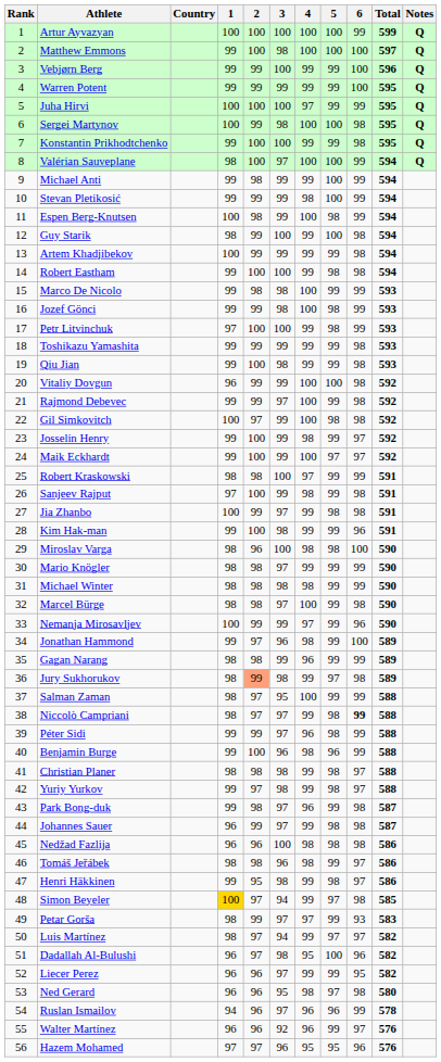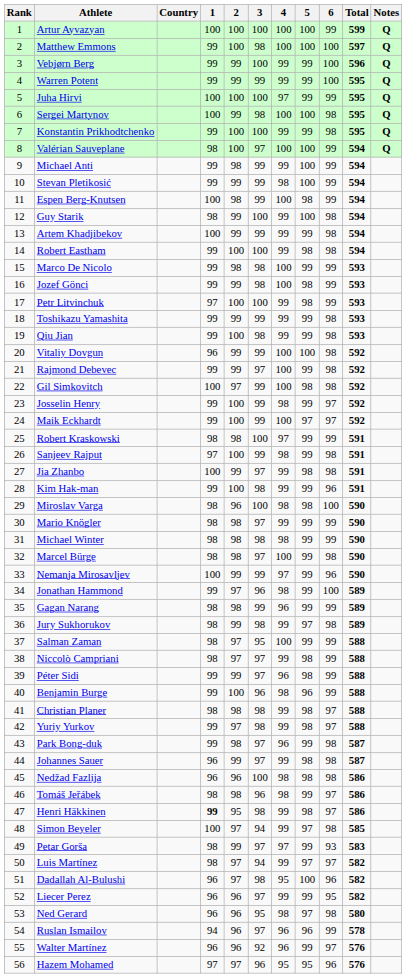 <table class="wikitable sortable" style="text-align:center">
 <tr>
 <th>Rank</th>
 <th>Athlete</th>
 <th>Country</th>
 <th class="unsortable" style="width: 28px">1</th>
 <th class="unsortable" style="width: 28px">2</th>
 <th class="unsortable" style="width: 28px">3</th>
 <th class="unsortable" style="width: 28px">4</th>
 <th class="unsortable" style="width: 28px">5</th>
 <th class="unsortable" style="width: 28px">6</th>
 <th>Total</th>
 <th class="unsortable">Notes</th>
 </tr>
 <tr bgcolor=#ccffcc>
 <td>1</td>
 <td align="left"><a href='#'>Artur Ayvazyan</a></td>
 <td align="left"></td>
 <td>100</td>
 <td>100</td>
 <td>100</td>
 <td>100</td>
 <td>100</td>
 <td>99</td>
 <td><strong>599</strong></td>
 <td><strong>Q</strong></td>
 </tr>
 <tr bgcolor=#ccffcc>
 <td>2</td>
 <td align="left"><a href='#'>Matthew Emmons</a></td>
 <td align="left"></td>
 <td>99</td>
 <td>100</td>
 <td>98</td>
 <td>100</td>
 <td>100</td>
 <td>100</td>
 <td><strong>597</strong></td>
 <td><strong>Q</strong></td>
 </tr>
 <tr bgcolor=#ccffcc>
 <td>3</td>
 <td align="left"><a href='#'>Vebjørn Berg</a></td>
 <td align="left"></td>
 <td>99</td>
 <td>99</td>
 <td>100</td>
 <td>99</td>
 <td>99</td>
 <td>100</td>
 <td><strong>596</strong></td>
 <td><strong>Q</strong></td>
 </tr>
 <tr bgcolor=#ccffcc>
 <td>4</td>
 <td align="left"><a href='#'>Warren Potent</a></td>
 <td align="left"></td>
 <td>99</td>
 <td>99</td>
 <td>99</td>
 <td>99</td>
 <td>99</td>
 <td>100</td>
 <td><strong>595</strong></td>
 <td><strong>Q</strong></td>
 </tr>
 <tr bgcolor=#ccffcc>
 <td>5</td>
 <td align="left"><a href='#'>Juha Hirvi</a></td>
 <td align="left"></td>
 <td>100</td>
 <td>100</td>
 <td>100</td>
 <td>97</td>
 <td>99</td>
 <td>99</td>
 <td><strong>595</strong></td>
 <td><strong>Q</strong></td>
 </tr>
 <tr bgcolor=#ccffcc>
 <td>6</td>
 <td align="left"><a href='#'>Sergei Martynov</a></td>
 <td align="left"></td>
 <td>100</td>
 <td>99</td>
 <td>98</td>
 <td>100</td>
 <td>100</td>
 <td>98</td>
 <td><strong>595</strong></td>
 <td><strong>Q</strong></td>
 </tr>
 <tr bgcolor=#ccffcc>
 <td>7</td>
 <td align="left"><a href='#'>Konstantin Prikhodtchenko</a></td>
 <td align="left"></td>
 <td>99</td>
 <td>100</td>
 <td>100</td>
 <td>99</td>
 <td>99</td>
 <td>98</td>
 <td><strong>595</strong></td>
 <td><strong>Q</strong></td>
 </tr>
 <tr bgcolor=#ccffcc>
 <td>8</td>
 <td align="left"><a href='#'>Valérian Sauveplane</a></td>
 <td align="left"></td>
 <td>98</td>
 <td>100</td>
 <td>97</td>
 <td>100</td>
 <td>100</td>
 <td>99</td>
 <td><strong>594</strong></td>
 <td><strong>Q</strong></td>
 </tr>
 <tr>
 <td>9</td>
 <td align="left"><a href='#'>Michael Anti</a></td>
 <td align="left"></td>
 <td>99</td>
 <td>98</td>
 <td>99</td>
 <td>99</td>
 <td>100</td>
 <td>99</td>
 <td><strong>594</strong></td>
 <td></td>
 </tr>
 <tr>
 <td>10</td>
 <td align="left"><a href='#'>Stevan Pletikosić</a></td>
 <td align="left"></td>
 <td>99</td>
 <td>99</td>
 <td>99</td>
 <td>98</td>
 <td>100</td>
 <td>99</td>
 <td><strong>594</strong></td>
 <td></td>
 </tr>
 <tr>
 <td>11</td>
 <td align="left"><a href='#'>Espen Berg-Knutsen</a></td>
 <td align="left"></td>
 <td>100</td>
 <td>98</td>
 <td>99</td>
 <td>100</td>
 <td>98</td>
 <td>99</td>
 <td><strong>594</strong></td>
 <td></td>
 </tr>
 <tr>
 <td>12</td>
 <td align="left"><a href='#'>Guy Starik</a></td>
 <td align="left"></td>
 <td>98</td>
 <td>99</td>
 <td>100</td>
 <td>99</td>
 <td>100</td>
 <td>98</td>
 <td><strong>594</strong></td>
 <td></td>
 </tr>
 <tr>
 <td>13</td>
 <td align="left"><a href='#'>Artem Khadjibekov</a></td>
 <td align="left"></td>
 <td>100</td>
 <td>99</td>
 <td>99</td>
 <td>99</td>
 <td>99</td>
 <td>98</td>
 <td><strong>594</strong></td>
 <td></td>
 </tr>
 <tr>
 <td>14</td>
 <td align="left"><a href='#'>Robert Eastham</a></td>
 <td align="left"></td>
 <td>99</td>
 <td>100</td>
 <td>100</td>
 <td>99</td>
 <td>98</td>
 <td>98</td>
 <td><strong>594</strong></td>
 <td></td>
 </tr>
 <tr>
 <td>15</td>
 <td align="left"><a href='#'>Marco De Nicolo</a></td>
 <td align="left"></td>
 <td>99</td>
 <td>98</td>
 <td>98</td>
 <td>100</td>
 <td>99</td>
 <td>99</td>
 <td><strong>593</strong></td>
 <td></td>
 </tr>
 <tr>
 <td>16</td>
 <td align="left"><a href='#'>Jozef Gönci</a></td>
 <td align="left"></td>
 <td>99</td>
 <td>99</td>
 <td>98</td>
 <td>100</td>
 <td>98</td>
 <td>99</td>
 <td><strong>593</strong></td>
 <td></td>
 </tr>
 <tr>
 <td>17</td>
 <td align="left"><a href='#'>Petr Litvinchuk</a></td>
 <td align="left"></td>
 <td>97</td>
 <td>100</td>
 <td>100</td>
 <td>99</td>
 <td>98</td>
 <td>99</td>
 <td><strong>593</strong></td>
 <td></td>
 </tr>
 <tr>
 <td>18</td>
 <td align="left"><a href='#'>Toshikazu Yamashita</a></td>
 <td align="left"></td>
 <td>99</td>
 <td>99</td>
 <td>99</td>
 <td>99</td>
 <td>99</td>
 <td>98</td>
 <td><strong>593</strong></td>
 <td></td>
 </tr>
 <tr>
 <td>19</td>
 <td align="left"><a href='#'>Qiu Jian</a></td>
 <td align="left"></td>
 <td>99</td>
 <td>100</td>
 <td>98</td>
 <td>99</td>
 <td>99</td>
 <td>98</td>
 <td><strong>593</strong></td>
 <td></td>
 </tr>
 <tr>
 <td>20</td>
 <td align="left"><a href='#'>Vitaliy Dovgun</a></td>
 <td align="left"></td>
 <td>96</td>
 <td>99</td>
 <td>99</td>
 <td>100</td>
 <td>100</td>
 <td>98</td>
 <td><strong>592</strong></td>
 <td></td>
 </tr>
 <tr>
 <td>21</td>
 <td align="left"><a href='#'>Rajmond Debevec</a></td>
 <td align="left"></td>
 <td>99</td>
 <td>99</td>
 <td>97</td>
 <td>100</td>
 <td>99</td>
 <td>98</td>
 <td><strong>592</strong></td>
 <td></td>
 </tr>
 <tr>
 <td>22</td>
 <td align="left"><a href='#'>Gil Simkovitch</a></td>
 <td align="left"></td>
 <td>100</td>
 <td>97</td>
 <td>99</td>
 <td>100</td>
 <td>98</td>
 <td>98</td>
 <td><strong>592</strong></td>
 <td></td>
 </tr>
 <tr>
 <td>23</td>
 <td align="left"><a href='#'>Josselin Henry</a></td>
 <td align="left"></td>
 <td>99</td>
 <td>100</td>
 <td>99</td>
 <td>98</td>
 <td>99</td>
 <td>97</td>
 <td><strong>592</strong></td>
 <td></td>
 </tr>
 <tr>
 <td>24</td>
 <td align="left"><a href='#'>Maik Eckhardt</a></td>
 <td align="left"></td>
 <td>99</td>
 <td>100</td>
 <td>99</td>
 <td>100</td>
 <td>97</td>
 <td>97</td>
 <td><strong>592</strong></td>
 <td></td>
 </tr>
 <tr>
 <td>25</td>
 <td align="left"><a href='#'>Robert Kraskowski</a></td>
 <td align="left"></td>
 <td>98</td>
 <td>98</td>
 <td>100</td>
 <td>97</td>
 <td>99</td>
 <td>99</td>
 <td><strong>591</strong></td>
 <td></td>
 </tr>
 <tr>
 <td>26</td>
 <td align="left"><a href='#'>Sanjeev Rajput</a></td>
 <td align="left"></td>
 <td>97</td>
 <td>100</td>
 <td>99</td>
 <td>98</td>
 <td>99</td>
 <td>98</td>
 <td><strong>591</strong></td>
 <td></td>
 </tr>
 <tr>
 <td>27</td>
 <td align="left"><a href='#'>Jia Zhanbo</a></td>
 <td align="left"></td>
 <td>100</td>
 <td>99</td>
 <td>97</td>
 <td>99</td>
 <td>98</td>
 <td>98</td>
 <td><strong>591</strong></td>
 <td></td>
 </tr>
 <tr>
 <td>28</td>
 <td align="left"><a href='#'>Kim Hak-man</a></td>
 <td align="left"></td>
 <td>99</td>
 <td>100</td>
 <td>98</td>
 <td>99</td>
 <td>99</td>
 <td>96</td>
 <td><strong>591</strong></td>
 <td></td>
 </tr>
 <tr>
 <td>29</td>
 <td align="left"><a href='#'>Miroslav Varga</a></td>
 <td align="left"></td>
 <td>98</td>
 <td>96</td>
 <td>100</td>
 <td>98</td>
 <td>98</td>
 <td>100</td>
 <td><strong>590</strong></td>
 <td></td>
 </tr>
 <tr>
 <td>30</td>
 <td align="left"><a href='#'>Mario Knögler</a></td>
 <td align="left"></td>
 <td>98</td>
 <td>98</td>
 <td>97</td>
 <td>99</td>
 <td>99</td>
 <td>99</td>
 <td><strong>590</strong></td>
 <td></td>
 </tr>
 <tr>
 <td>31</td>
 <td align="left"><a href='#'>Michael Winter</a></td>
 <td align="left"></td>
 <td>98</td>
 <td>98</td>
 <td>98</td>
 <td>98</td>
 <td>99</td>
 <td>99</td>
 <td><strong>590</strong></td>
 <td></td>
 </tr>
 <tr>
 <td>32</td>
 <td align="left"><a href='#'>Marcel Bürge</a></td>
 <td align="left"></td>
 <td>98</td>
 <td>98</td>
 <td>97</td>
 <td>100</td>
 <td>99</td>
 <td>98</td>
 <td><strong>590</strong></td>
 <td></td>
 </tr>
 <tr>
 <td>33</td>
 <td align="left"><a href='#'>Nemanja Mirosavljev</a></td>
 <td align="left"></td>
 <td>100</td>
 <td>99</td>
 <td>99</td>
 <td>97</td>
 <td>99</td>
 <td>96</td>
 <td><strong>590</strong></td>
 <td></td>
 </tr>
 <tr>
 <td>34</td>
 <td align="left"><a href='#'>Jonathan Hammond</a></td>
 <td align="left"></td>
 <td>99</td>
 <td>97</td>
 <td>96</td>
 <td>98</td>
 <td>99</td>
 <td>100</td>
 <td><strong>589</strong></td>
 <td></td>
 </tr>
 <tr>
 <td>35</td>
 <td align="left"><a href='#'>Gagan Narang</a></td>
 <td align="left"></td>
 <td>98</td>
 <td>98</td>
 <td>99</td>
 <td>96</td>
 <td>99</td>
 <td>99</td>
 <td><strong>589</strong></td>
 <td></td>
 </tr>
 <tr>
 <td>36</td>
 <td align="left"><a href='#'>Jury Sukhorukov</a></td>
 <td align="left"></td>
 <td>98</td>
-<td style="background: lightsalmon;">99</td>
+<td>99</td>
 <td>98</td>
 <td>99</td>
 <td>97</td>
 <td>98</td>
 <td><strong>589</strong></td>
 <td></td>
 </tr>
 <tr>
 <td>37</td>
 <td align="left"><a href='#'>Salman Zaman</a></td>
 <td align="left"></td>
 <td>98</td>
 <td>97</td>
 <td>95</td>
 <td>100</td>
 <td>99</td>
 <td>99</td>
 <td><strong>588</strong></td>
 <td></td>
 </tr>
 <tr>
 <td>38</td>
 <td align="left"><a href='#'>Niccolò Campriani</a></td>
 <td align="left"></td>
 <td>98</td>
 <td>97</td>
 <td>97</td>
 <td>99</td>
 <td>98</td>
-<td><strong>99</strong></td>
+<td>99</td>
 <td><strong>588</strong></td>
 <td></td>
 </tr>
 <tr>
 <td>39</td>
 <td align="left"><a href='#'>Péter Sidi</a></td>
 <td align="left"></td>
 <td>99</td>
 <td>99</td>
 <td>97</td>
 <td>96</td>
 <td>98</td>
 <td>99</td>
 <td><strong>588</strong></td>
 <td></td>
 </tr>
 <tr>
 <td>40</td>
 <td align="left"><a href='#'>Benjamin Burge</a></td>
 <td align="left"></td>
 <td>99</td>
 <td>100</td>
 <td>96</td>
 <td>98</td>
 <td>96</td>
 <td>99</td>
 <td><strong>588</strong></td>
 <td></td>
 </tr>
 <tr>
 <td>41</td>
 <td align="left"><a href='#'>Christian Planer</a></td>
 <td align="left"></td>
 <td>98</td>
 <td>98</td>
 <td>98</td>
 <td>99</td>
 <td>98</td>
 <td>97</td>
 <td><strong>588</strong></td>
 <td></td>
 </tr>
 <tr>
 <td>42</td>
 <td align="left"><a href='#'>Yuriy Yurkov</a></td>
 <td align="left"></td>
 <td>99</td>
 <td>97</td>
 <td>98</td>
 <td>99</td>
 <td>98</td>
 <td>97</td>
 <td><strong>588</strong></td>
 <td></td>
 </tr>
 <tr>
 <td>43</td>
 <td align="left"><a href='#'>Park Bong-duk</a></td>
 <td align="left"></td>
 <td>99</td>
 <td>98</td>
 <td>97</td>
 <td>96</td>
 <td>99</td>
 <td>98</td>
 <td><strong>587</strong></td>
 <td></td>
 </tr>
 <tr>
 <td>44</td>
 <td align="left"><a href='#'>Johannes Sauer</a></td>
 <td align="left"></td>
 <td>96</td>
 <td>99</td>
 <td>97</td>
 <td>99</td>
 <td>98</td>
 <td>98</td>
 <td><strong>587</strong></td>
 <td></td>
 </tr>
 <tr>
 <td>45</td>
 <td align="left"><a href='#'>Nedžad Fazlija</a></td>
 <td align="left"></td>
 <td>96</td>
 <td>96</td>
 <td>100</td>
 <td>98</td>
 <td>98</td>
 <td>98</td>
 <td><strong>586</strong></td>
 <td></td>
 </tr>
 <tr>
 <td>46</td>
 <td align="left"><a href='#'>Tomáš Jeřábek</a></td>
 <td align="left"></td>
 <td>98</td>
 <td>98</td>
 <td>96</td>
 <td>98</td>
 <td>99</td>
 <td>97</td>
 <td><strong>586</strong></td>
 <td></td>
 </tr>
 <tr>
 <td>47</td>
 <td align="left"><a href='#'>Henri Häkkinen</a></td>
 <td align="left"></td>
-<td>99</td>
+<td><strong>99</strong></td>
 <td>95</td>
 <td>98</td>
 <td>99</td>
 <td>98</td>
 <td>97</td>
 <td><strong>586</strong></td>
 <td></td>
 </tr>
 <tr>
 <td>48</td>
 <td align="left"><a href='#'>Simon Beyeler</a></td>
 <td align="left"></td>
-<td style="background: gold;">100</td>
+<td>100</td>
 <td>97</td>
 <td>94</td>
 <td>99</td>
 <td>97</td>
 <td>98</td>
 <td><strong>585</strong></td>
 <td></td>
 </tr>
 <tr>
 <td>49</td>
 <td align="left"><a href='#'>Petar Gorša</a></td>
 <td align="left"></td>
 <td>98</td>
 <td>99</td>
 <td>97</td>
 <td>97</td>
 <td>99</td>
 <td>93</td>
 <td><strong>583</strong></td>
 <td></td>
 </tr>
 <tr>
 <td>50</td>
 <td align="left"><a href='#'>Luis Martínez</a></td>
 <td align="left"></td>
 <td>98</td>
 <td>97</td>
 <td>94</td>
 <td>99</td>
 <td>97</td>
 <td>97</td>
 <td><strong>582</strong></td>
 <td></td>
 </tr>
 <tr>
 <td>51</td>
 <td align="left"><a href='#'>Dadallah Al-Bulushi</a></td>
 <td align="left"></td>
 <td>96</td>
 <td>97</td>
 <td>98</td>
 <td>95</td>
 <td>100</td>
 <td>96</td>
 <td><strong>582</strong></td>
 <td></td>
 </tr>
 <tr>
 <td>52</td>
 <td align="left"><a href='#'>Liecer Perez</a></td>
 <td align="left"></td>
 <td>96</td>
 <td>96</td>
 <td>97</td>
 <td>99</td>
 <td>99</td>
 <td>95</td>
 <td><strong>582</strong></td>
 <td></td>
 </tr>
 <tr>
 <td>53</td>
 <td align="left"><a href='#'>Ned Gerard</a></td>
 <td align="left"></td>
 <td>96</td>
 <td>96</td>
 <td>95</td>
 <td>98</td>
 <td>97</td>
 <td>98</td>
 <td><strong>580</strong></td>
 <td></td>
 </tr>
 <tr>
 <td>54</td>
 <td align="left"><a href='#'>Ruslan Ismailov</a></td>
 <td align="left"></td>
 <td>94</td>
 <td>96</td>
 <td>97</td>
 <td>96</td>
 <td>96</td>
 <td>99</td>
 <td><strong>578</strong></td>
 <td></td>
 </tr>
 <tr>
 <td>55</td>
 <td align="left"><a href='#'>Walter Martínez</a></td>
 <td align="left"></td>
 <td>96</td>
 <td>96</td>
 <td>92</td>
 <td>96</td>
 <td>99</td>
 <td>97</td>
 <td><strong>576</strong></td>
 <td></td>
 </tr>
 <tr>
 <td>56</td>
 <td align="left"><a href='#'>Hazem Mohamed</a></td>
 <td align="left"></td>
 <td>97</td>
 <td>97</td>
 <td>96</td>
 <td>95</td>
 <td>95</td>
 <td>96</td>
 <td><strong>576</strong></td>
 <td></td>
 </tr>
 </table>
